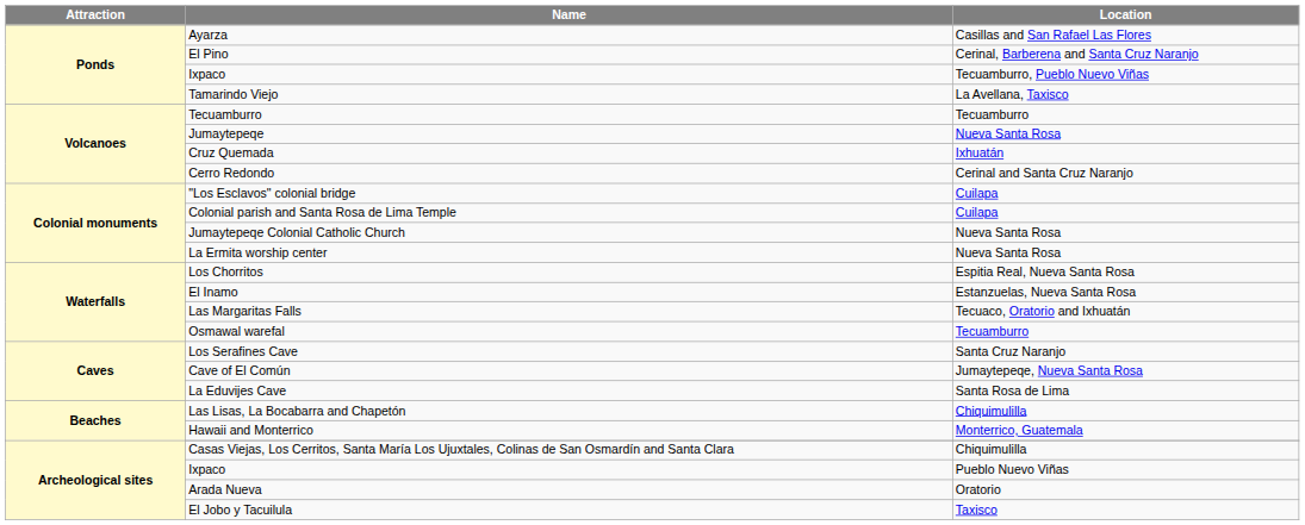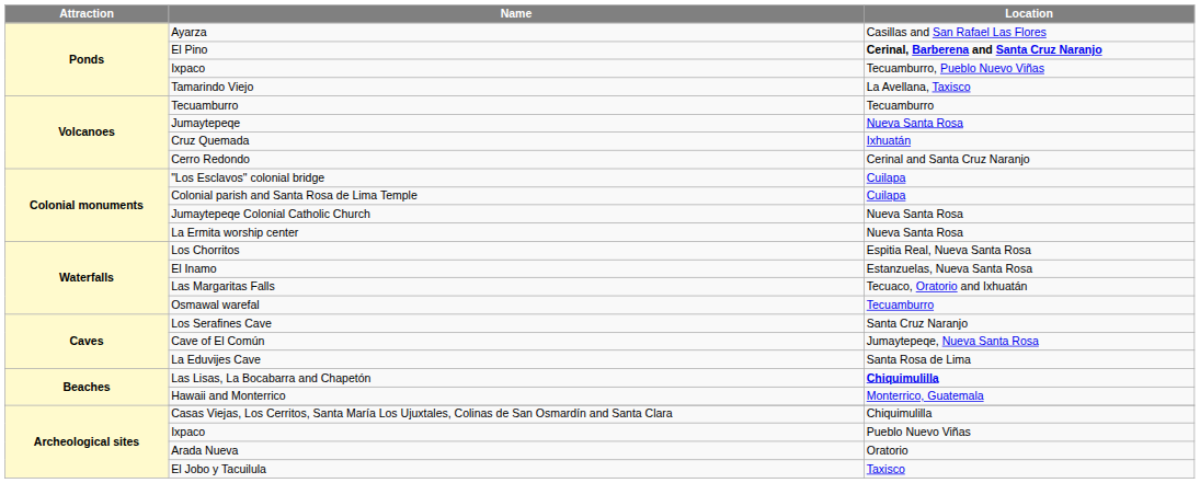 <table class="wikitable mw-collapsible" width=75% align=center style=Font-size:0.9em>
 <tr style=color:white; align=center;>
 <th style=background:gray;>Attraction</th>
 <th style=background:gray;>Name</th>
 <th style=background:gray;>Location</th>
 </tr>
 <tr>
 <th style=background:lemonchiffon; rowspan=4>Ponds</th>
 <td>Ayarza</td>
 <td>Casillas and <a href='#'>San Rafael Las Flores</a></td>
 </tr>
 <tr>
 <td>El Pino</td>
-<td>Cerinal, <a href='#'>Barberena</a> and <a href='#'>Santa Cruz Naranjo</a></td>
+<td><strong>Cerinal, <a href='#'>Barberena</a> and <a href='#'>Santa Cruz Naranjo</a></strong></td>
 </tr>
 <tr>
 <td>Ixpaco</td>
 <td>Tecuamburro, <a href='#'>Pueblo Nuevo Viñas</a></td>
 </tr>
 <tr>
 <td>Tamarindo Viejo</td>
 <td>La Avellana, <a href='#'>Taxisco</a></td>
 </tr>
 <tr>
 <th style=background:lemonchiffon; rowspan=4>Volcanoes</th>
 <td>Tecuamburro</td>
 <td>Tecuamburro</td>
 </tr>
 <tr>
 <td>Jumaytepeqe</td>
 <td><a href='#'>Nueva Santa Rosa</a></td>
 </tr>
 <tr>
 <td>Cruz Quemada</td>
 <td><a href='#'>Ixhuatán</a></td>
 </tr>
 <tr>
 <td>Cerro Redondo</td>
 <td>Cerinal and Santa Cruz Naranjo</td>
 </tr>
 <tr>
 <th style=background:lemonchiffon; rowspan=4>Colonial monuments</th>
 <td>"Los Esclavos" colonial bridge</td>
 <td><a href='#'>Cuilapa</a></td>
 </tr>
 <tr>
 <td>Colonial parish and  Santa Rosa de Lima Temple</td>
 <td><a href='#'>Cuilapa</a></td>
 </tr>
 <tr>
 <td>Jumaytepeqe Colonial Catholic Church</td>
 <td>Nueva Santa Rosa</td>
 </tr>
 <tr>
 <td>La Ermita worship center</td>
 <td>Nueva Santa Rosa</td>
 </tr>
 <tr>
 <th style=background:lemonchiffon; rowspan=4>Waterfalls</th>
 <td>Los Chorritos</td>
 <td>Espitia Real, Nueva Santa Rosa</td>
 </tr>
 <tr>
 <td>El Inamo</td>
 <td>Estanzuelas, Nueva Santa Rosa</td>
 </tr>
 <tr>
 <td>Las Margaritas Falls</td>
 <td>Tecuaco, <a href='#'>Oratorio</a> and Ixhuatán</td>
 </tr>
 <tr>
 <td>Osmawal warefal</td>
 <td><a href='#'>Tecuamburro</a></td>
 </tr>
 <tr>
 <th style=background:lemonchiffon; rowspan=3>Caves</th>
 <td>Los Serafines Cave</td>
 <td>Santa Cruz Naranjo</td>
 </tr>
 <tr>
 <td>Cave of El Común</td>
 <td>Jumaytepeqe, <a href='#'>Nueva Santa Rosa</a></td>
 </tr>
 <tr>
 <td>La Eduvijes Cave</td>
 <td>Santa Rosa de Lima</td>
 </tr>
 <tr>
 <th style=background:lemonchiffon; rowspan=2>Beaches</th>
 <td>Las Lisas, La Bocabarra and Chapetón</td>
-<td><a href='#'>Chiquimulilla</a></td>
+<td><strong><a href='#'>Chiquimulilla</a></strong></td>
 </tr>
 <tr>
 <td>Hawaii and Monterrico</td>
 <td><a href='#'>Monterrico, Guatemala</a></td>
 </tr>
 <tr>
 <th style=background:lemonchiffon; rowspan=5>Archeological sites</th>
 </tr>
 <tr>
 <td>Casas Viejas, Los Cerritos, Santa María Los Ujuxtales, Colinas de San Osmardín and Santa Clara</td>
 <td>Chiquimulilla</td>
 </tr>
 <tr>
 <td>Ixpaco</td>
 <td>Pueblo Nuevo Viñas</td>
 </tr>
 <tr>
 <td>Arada Nueva</td>
 <td>Oratorio</td>
 </tr>
 <tr>
 <td>El Jobo y Tacuilula</td>
 <td><a href='#'>Taxisco</a></td>
 </tr>
 </table>
